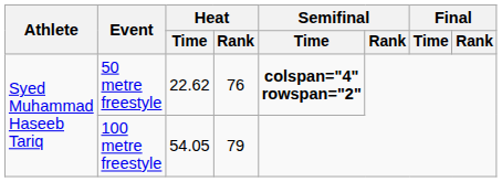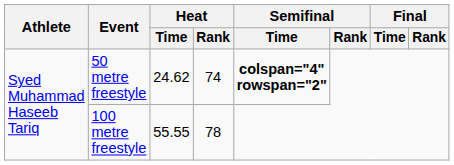 <table class="wikitable" style="text-align:center; font-size:90%; width:50%;">
 <tr>
 <th rowspan="2">Athlete</th>
 <th rowspan="2">Event</th>
 <th colspan="2">Heat</th>
 <th colspan="2">Semifinal</th>
 <th colspan="2">Final</th>
 </tr>
 <tr style="font-size:95%">
 <th>Time</th>
 <th>Rank</th>
 <th>Time</th>
 <th>Rank</th>
 <th>Time</th>
 <th>Rank</th>
 </tr>
 <tr align=center>
 <td align=left rowspan="2"><a href='#'>Syed Muhammad Haseeb Tariq</a></td>
 <td align=left><a href='#'>50 metre freestyle</a></td>
-<td>22.62</td>
-<td>76</td>
+<td>24.62</td>
+<td>74</td>
 <td><strong>colspan="4" rowspan="2"</strong></td>
 </tr>
 <tr align=center>
 <td align=left><a href='#'>100 metre freestyle</a></td>
-<td>54.05</td>
-<td>79</td>
+<td>55.55</td>
+<td>78</td>
 </tr>
 </table>
